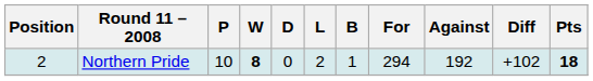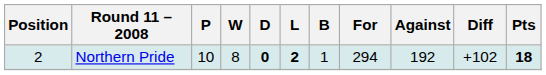 <table class="wikitable" style="text-align:center; font-size:85%;">
 <tr>
 <th width=40 abbr="Position">Position</th>
 <th width=100>Round 11 – 2008</th>
 <th width=20 abbr="Played">P</th>
 <th width=20 abbr="Won">W</th>
 <th width=20 abbr="Drawn">D</th>
 <th width=20 abbr="Lost">L</th>
 <th width=20 abbr="Bye">B</th>
 <th width=40 abbr="Points for">For</th>
 <th width=40 abbr="Points against">Against</th>
 <th width=40 abbr="Points difference">Diff</th>
 <th width=25 abbr="Points">Pts</th>
 </tr>
 <tr style="background: #d7ebed;">
 <td>2</td>
 <td style="text-align:left;"> <a href='#'>Northern Pride</a></td>
 <td>10</td>
-<td><strong>8</strong></td>
-<td>0</td>
-<td>2</td>
+<td>8</td>
+<td><strong>0</strong></td>
+<td><strong>2</strong></td>
 <td>1</td>
 <td>294</td>
 <td>192</td>
 <td>+102</td>
 <td><strong>18</strong></td>
 </tr>
 <tr>
 </tr>
 </table>
